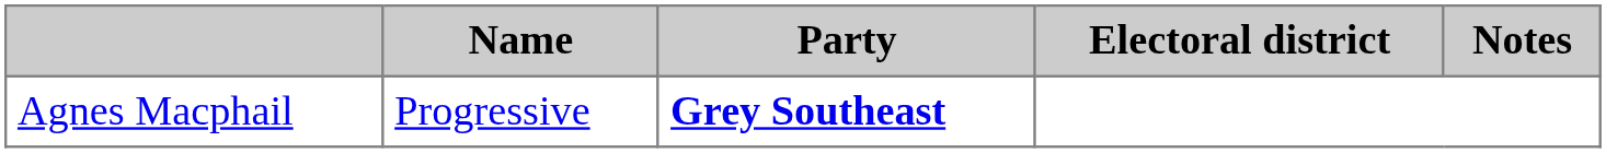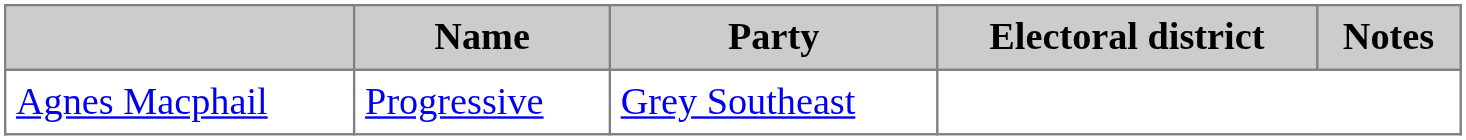 <table border="1" cellpadding="4" width="610" cellspacing="0" style="border-collapse: collapse" width="100%" class="sortable">
 <tr bgcolor="CCCCCC">
 <th></th>
 <th>Name</th>
 <th>Party</th>
 <th>Electoral district</th>
 <th>Notes</th>
 </tr>
 <tr>
 <td><a href='#'>Agnes Macphail</a></td>
 <td><a href='#'>Progressive</a></td>
-<td><strong><a href='#'>Grey Southeast</a></strong></td>
+<td><a href='#'>Grey Southeast</a></td>
 </tr>
 </table>
